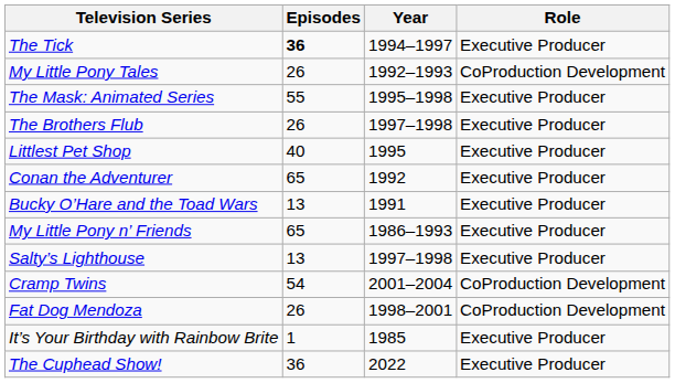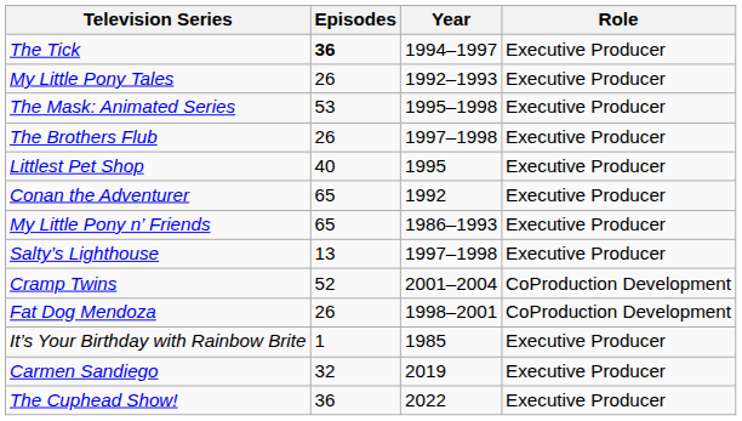 <table class="wikitable sortable">
 <tr>
 <th>Television Series</th>
 <th>Episodes</th>
 <th>Year</th>
 <th>Role</th>
 </tr>
 <tr>
 <td><em><a href='#'>The Tick</a></em></td>
 <td><strong>36</strong></td>
 <td>1994–1997</td>
 <td>Executive Producer</td>
 </tr>
 <tr>
 <td><em><a href='#'>My Little Pony Tales</a></em></td>
 <td>26</td>
 <td>1992–1993</td>
-<td>CoProduction Development</td>
+<td>Executive Producer</td>
 </tr>
 <tr>
 <td><em><a href='#'>The Mask: Animated Series</a></em></td>
-<td>55</td>
+<td>53</td>
 <td>1995–1998</td>
 <td>Executive Producer</td>
 </tr>
 <tr>
 <td><em><a href='#'>The Brothers Flub</a></em></td>
 <td>26</td>
 <td>1997–1998</td>
 <td>Executive Producer</td>
 </tr>
 <tr>
 <td><em><a href='#'>Littlest Pet Shop</a></em></td>
 <td>40</td>
 <td>1995</td>
 <td>Executive Producer</td>
 </tr>
 <tr>
 <td><em><a href='#'>Conan the Adventurer</a></em></td>
 <td>65</td>
 <td>1992</td>
 <td>Executive Producer</td>
 </tr>
 <tr>
-<td><em><a href='#'>Bucky O’Hare and the Toad Wars</a></em></td>
-<td>13</td>
-<td>1991</td>
-<td>Executive Producer</td>
-</tr>
-<tr>
 <td><em><a href='#'>My Little Pony n’ Friends</a></em></td>
 <td>65</td>
 <td>1986–1993</td>
 <td>Executive Producer</td>
 </tr>
 <tr>
 <td><em><a href='#'>Salty’s Lighthouse</a></em></td>
 <td>13</td>
 <td>1997–1998</td>
 <td>Executive Producer</td>
 </tr>
 <tr>
 <td><em><a href='#'>Cramp Twins</a></em></td>
-<td>54</td>
+<td>52</td>
 <td>2001–2004</td>
 <td>CoProduction Development</td>
 </tr>
 <tr>
 <td><em><a href='#'>Fat Dog Mendoza</a></em></td>
 <td>26</td>
 <td>1998–2001</td>
 <td>CoProduction Development</td>
 </tr>
 <tr>
 <td><em>It’s Your Birthday with Rainbow Brite</em></td>
 <td>1</td>
 <td>1985</td>
 <td>Executive Producer</td>
 </tr>
 <tr>
+<td><em><a href='#'>Carmen Sandiego</a></em></td>
+<td>32</td>
+<td>2019</td>
+<td>Executive Producer</td>
+</tr>
+<tr>
 <td><em><a href='#'>The Cuphead Show!</a></em></td>
 <td>36</td>
 <td>2022</td>
 <td>Executive Producer</td>
 </tr>
 </table>
